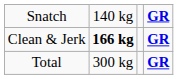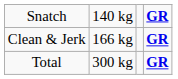 <table class = "wikitable" style="text-align:center;">
 <tr>
 <td>Snatch</td>
 <td>140 kg</td>
 <td align=left></td>
 <td><strong><a href='#'>GR</a></strong></td>
 </tr>
 <tr>
 <td>Clean & Jerk</td>
-<td><strong>166 kg</strong></td>
+<td>166 kg</td>
 <td align=left></td>
 <td><strong><a href='#'>GR</a></strong></td>
 </tr>
 <tr>
 <td>Total</td>
 <td>300 kg</td>
 <td align=left></td>
 <td><strong><a href='#'>GR</a></strong></td>
 </tr>
 </table>
